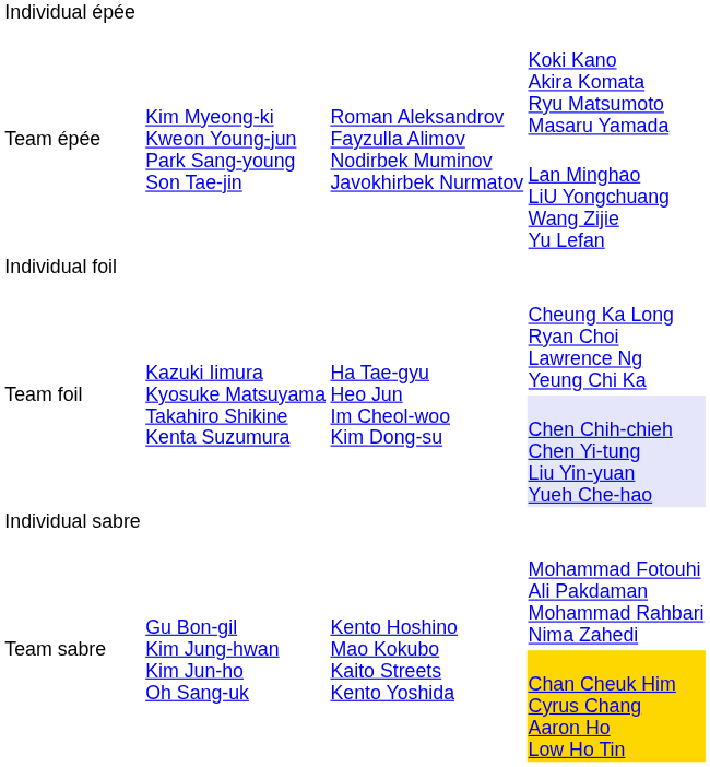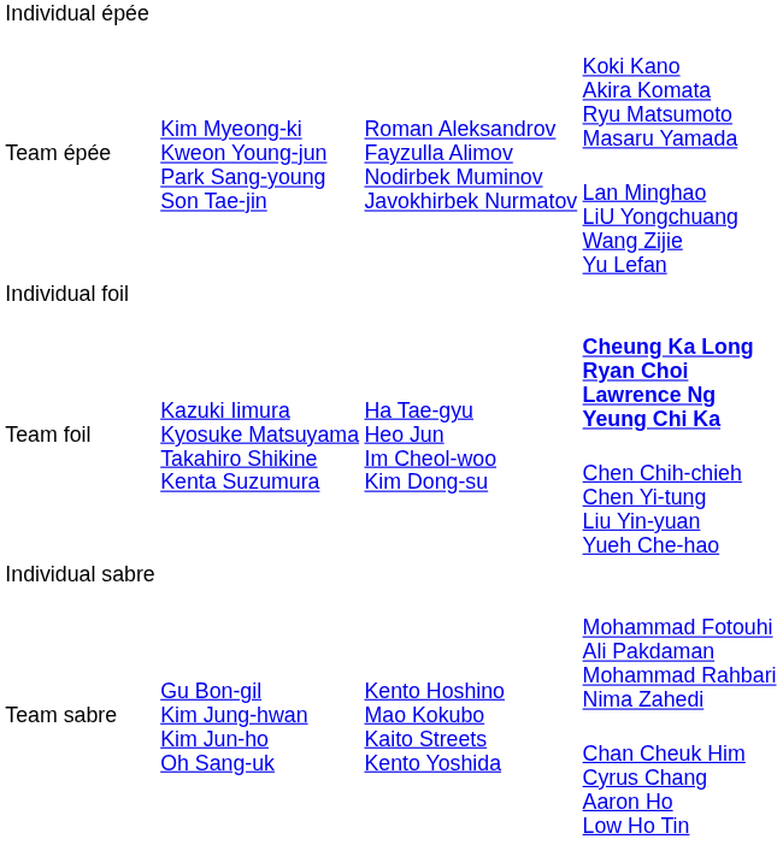 <table>
 <tr>
 <td rowspan=2>Individual épée</td>
 <td rowspan=2></td>
 <td rowspan=2></td>
 <td></td>
 </tr>
 <tr>
 <td></td>
 </tr>
 <tr>
 <td rowspan=2>Team épée</td>
 <td rowspan=2><br><a href='#'>Kim Myeong-ki</a><br><a href='#'>Kweon Young-jun</a><br><a href='#'>Park Sang-young</a><br><a href='#'>Son Tae-jin</a></td>
 <td rowspan=2><br><a href='#'>Roman Aleksandrov</a><br><a href='#'>Fayzulla Alimov</a><br><a href='#'>Nodirbek Muminov</a><br><a href='#'>Javokhirbek Nurmatov</a></td>
 <td><br><a href='#'>Koki Kano</a><br><a href='#'>Akira Komata</a><br><a href='#'>Ryu Matsumoto</a><br><a href='#'>Masaru Yamada</a></td>
 </tr>
 <tr>
 <td><br><a href='#'>Lan Minghao</a><br><a href='#'>LiU Yongchuang</a><br><a href='#'>Wang Zijie</a><br><a href='#'>Yu Lefan</a></td>
 </tr>
 <tr>
 <td rowspan=2>Individual foil</td>
 <td rowspan=2></td>
 <td rowspan=2></td>
 <td></td>
 </tr>
 <tr>
 <td></td>
 </tr>
 <tr>
 <td rowspan=2>Team foil</td>
 <td rowspan=2><br><a href='#'>Kazuki Iimura</a><br><a href='#'>Kyosuke Matsuyama</a><br><a href='#'>Takahiro Shikine</a><br><a href='#'>Kenta Suzumura</a></td>
 <td rowspan=2><br><a href='#'>Ha Tae-gyu</a><br><a href='#'>Heo Jun</a><br><a href='#'>Im Cheol-woo</a><br><a href='#'>Kim Dong-su</a></td>
-<td><br><a href='#'>Cheung Ka Long</a><br><a href='#'>Ryan Choi</a><br><a href='#'>Lawrence Ng</a><br><a href='#'>Yeung Chi Ka</a></td>
+<td><strong><br><a href='#'>Cheung Ka Long</a><br><a href='#'>Ryan Choi</a><br><a href='#'>Lawrence Ng</a><br><a href='#'>Yeung Chi Ka</a></strong></td>
 </tr>
 <tr>
-<td style="background: lavender;"><br><a href='#'>Chen Chih-chieh</a><br><a href='#'>Chen Yi-tung</a><br><a href='#'>Liu Yin-yuan</a><br><a href='#'>Yueh Che-hao</a></td>
+<td><br><a href='#'>Chen Chih-chieh</a><br><a href='#'>Chen Yi-tung</a><br><a href='#'>Liu Yin-yuan</a><br><a href='#'>Yueh Che-hao</a></td>
 </tr>
 <tr>
 <td rowspan=2>Individual sabre</td>
 <td rowspan=2></td>
 <td rowspan=2></td>
 <td></td>
 </tr>
 <tr>
 <td></td>
 </tr>
 <tr>
 <td rowspan=2>Team sabre</td>
 <td rowspan=2><br><a href='#'>Gu Bon-gil</a><br><a href='#'>Kim Jung-hwan</a><br><a href='#'>Kim Jun-ho</a><br><a href='#'>Oh Sang-uk</a></td>
 <td rowspan=2><br><a href='#'>Kento Hoshino</a><br><a href='#'>Mao Kokubo</a><br><a href='#'>Kaito Streets</a><br><a href='#'>Kento Yoshida</a></td>
 <td><br><a href='#'>Mohammad Fotouhi</a><br><a href='#'>Ali Pakdaman</a><br><a href='#'>Mohammad Rahbari</a><br><a href='#'>Nima Zahedi</a></td>
 </tr>
 <tr>
-<td style="background: gold;"><br><a href='#'>Chan Cheuk Him</a><br><a href='#'>Cyrus Chang</a><br><a href='#'>Aaron Ho</a><br><a href='#'>Low Ho Tin</a></td>
+<td><br><a href='#'>Chan Cheuk Him</a><br><a href='#'>Cyrus Chang</a><br><a href='#'>Aaron Ho</a><br><a href='#'>Low Ho Tin</a></td>
 </tr>
 </table>
